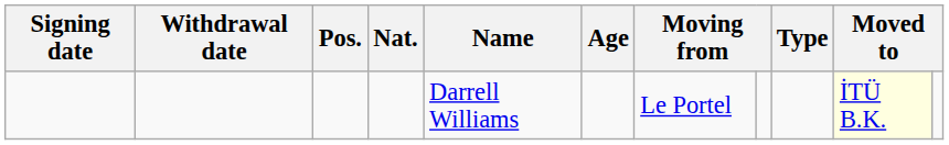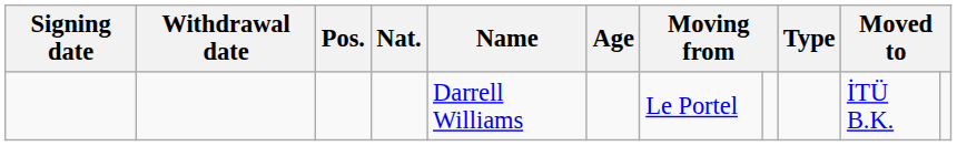 <table class="wikitable sortable">
 <tr>
 <th>Signing date</th>
 <th>Withdrawal date</th>
 <th>Pos.</th>
 <th>Nat.</th>
 <th>Name</th>
 <th>Age</th>
 <th colspan=2>Moving from</th>
 <th>Type</th>
 <th colspan=2>Moved to</th>
 </tr>
 <tr>
 <td></td>
 <td></td>
 <td></td>
 <td></td>
 <td><a href='#'>Darrell Williams</a></td>
 <td></td>
 <td><a href='#'>Le Portel</a></td>
 <td></td>
 <td></td>
-<td style="background: lightyellow;"><a href='#'>İTÜ B.K.</a></td>
+<td><a href='#'>İTÜ B.K.</a></td>
 <td></td>
 </tr>
 </table>
